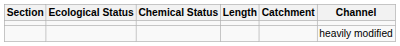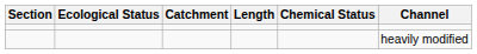 <table class="wikitable">
 <tr>
 <th>Section</th>
 <th>Ecological Status</th>
+<th>Catchment</th>
+<th>Length</th>
 <th>Chemical Status</th>
-<th>Length</th>
-<th>Catchment</th>
 <th>Channel</th>
 </tr>
 <tr>
 <td></td>
 <td></td>
 <td></td>
 <td></td>
 <td></td>
 <td></td>
 </tr>
 <tr>
 <td></td>
 <td></td>
 <td></td>
 <td></td>
 <td></td>
 <td>heavily modified</td>
 </tr>
 </table>
